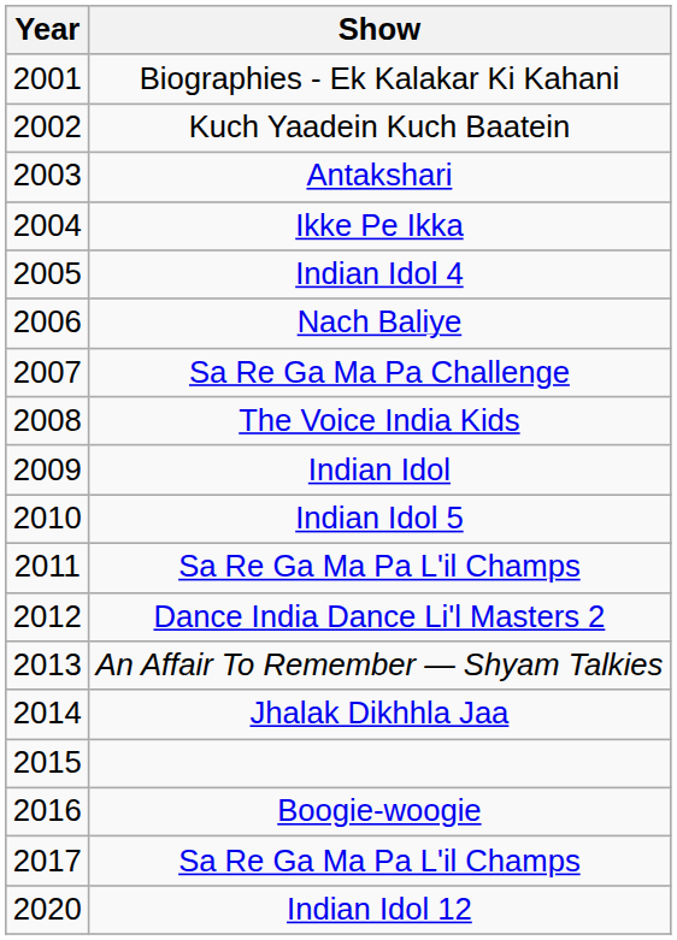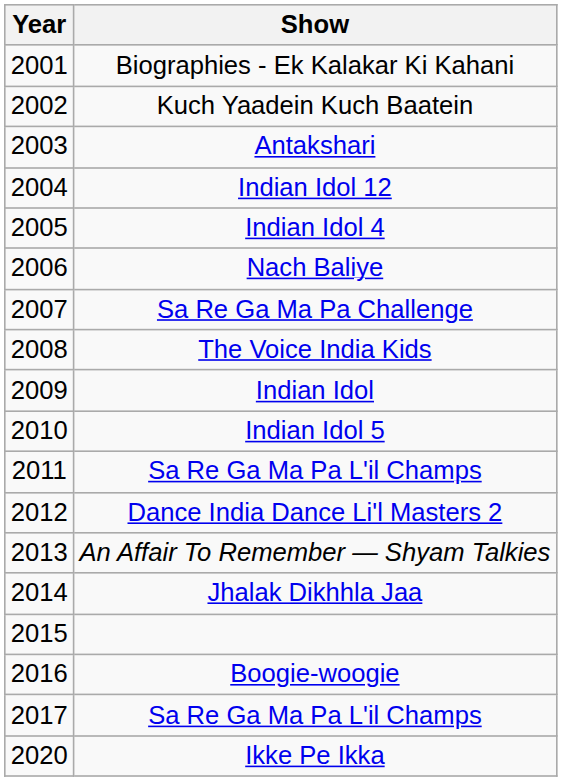 <table class="wikitable sortable" style="text-align:center;">
 <tr>
 <th>Year</th>
 <th>Show</th>
 </tr>
 <tr>
 <td>2001</td>
 <td>Biographies - Ek Kalakar Ki Kahani</td>
 </tr>
 <tr>
 <td>2002</td>
 <td>Kuch Yaadein Kuch Baatein</td>
 </tr>
 <tr>
 <td>2003</td>
 <td><a href='#'>Antakshari</a></td>
 </tr>
 <tr>
 <td>2004</td>
-<td><a href='#'>Ikke Pe Ikka</a></td>
+<td><a href='#'>Indian Idol 12</a></td>
 </tr>
 <tr>
 <td>2005</td>
 <td><a href='#'>Indian Idol 4</a></td>
 </tr>
 <tr>
 <td>2006</td>
 <td><a href='#'>Nach Baliye</a></td>
 </tr>
 <tr>
 <td>2007</td>
 <td><a href='#'>Sa Re Ga Ma Pa Challenge</a></td>
 </tr>
 <tr>
 <td>2008</td>
 <td><a href='#'>The Voice India Kids</a></td>
 </tr>
 <tr>
 <td>2009</td>
 <td><a href='#'>Indian Idol</a></td>
 </tr>
 <tr>
 <td>2010</td>
 <td><a href='#'>Indian Idol 5</a></td>
 </tr>
 <tr>
 <td>2011</td>
 <td><a href='#'>Sa Re Ga Ma Pa L'il Champs</a></td>
 </tr>
 <tr>
 <td>2012</td>
 <td><a href='#'>Dance India Dance Li'l Masters 2</a></td>
 </tr>
 <tr>
 <td>2013</td>
 <td><em>An Affair To Remember — Shyam Talkies</em></td>
 </tr>
 <tr>
 <td>2014</td>
 <td><a href='#'>Jhalak Dikhhla Jaa</a></td>
 </tr>
 <tr>
 <td>2015</td>
 <td></td>
 </tr>
 <tr>
 <td>2016</td>
 <td><a href='#'>Boogie-woogie</a></td>
 </tr>
 <tr>
 <td>2017</td>
 <td><a href='#'>Sa Re Ga Ma Pa L'il Champs</a></td>
 </tr>
 <tr>
 <td>2020</td>
-<td><a href='#'>Indian Idol 12</a></td>
+<td><a href='#'>Ikke Pe Ikka</a></td>
 </tr>
 </table>
